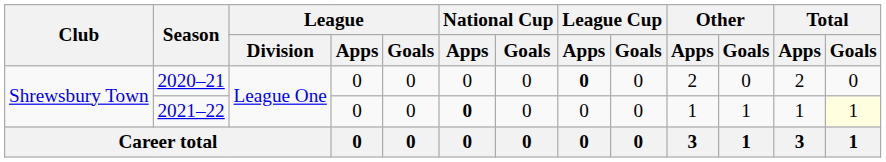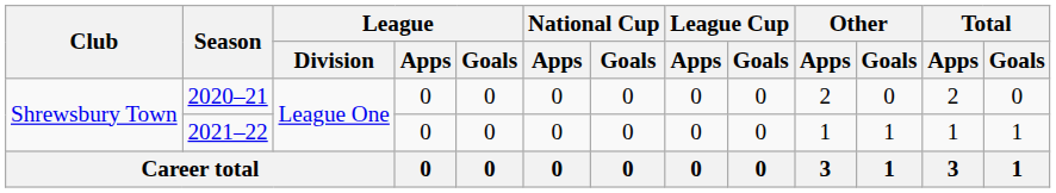 <table class="wikitable" style="text-align: center">
 <tr>
 <th rowspan="2">Club</th>
 <th rowspan="2">Season</th>
 <th colspan="3">League</th>
 <th colspan="2">National Cup</th>
 <th colspan="2">League Cup</th>
 <th colspan="2">Other</th>
 <th colspan="2">Total</th>
 </tr>
 <tr>
 <th>Division</th>
 <th>Apps</th>
 <th>Goals</th>
 <th>Apps</th>
 <th>Goals</th>
 <th>Apps</th>
 <th>Goals</th>
 <th>Apps</th>
 <th>Goals</th>
 <th>Apps</th>
 <th>Goals</th>
 </tr>
 <tr>
 <td rowspan="2"><a href='#'>Shrewsbury Town</a></td>
 <td><a href='#'>2020–21</a></td>
 <td rowspan="2"><a href='#'>League One</a></td>
 <td>0</td>
 <td>0</td>
 <td>0</td>
 <td>0</td>
-<td><strong>0</strong></td>
+<td>0</td>
 <td>0</td>
 <td>2</td>
 <td>0</td>
 <td>2</td>
 <td>0</td>
 </tr>
 <tr>
 <td><a href='#'>2021–22</a></td>
 <td>0</td>
 <td>0</td>
-<td><strong>0</strong></td>
+<td>0</td>
 <td>0</td>
 <td>0</td>
 <td>0</td>
 <td>1</td>
 <td>1</td>
 <td>1</td>
-<td style="background: lightyellow;">1</td>
+<td>1</td>
 </tr>
 <tr>
 <th colspan="3">Career total</th>
 <th>0</th>
 <th>0</th>
 <th>0</th>
 <th>0</th>
 <th>0</th>
 <th>0</th>
 <th>3</th>
 <th>1</th>
 <th>3</th>
 <th>1</th>
 </tr>
 </table>
